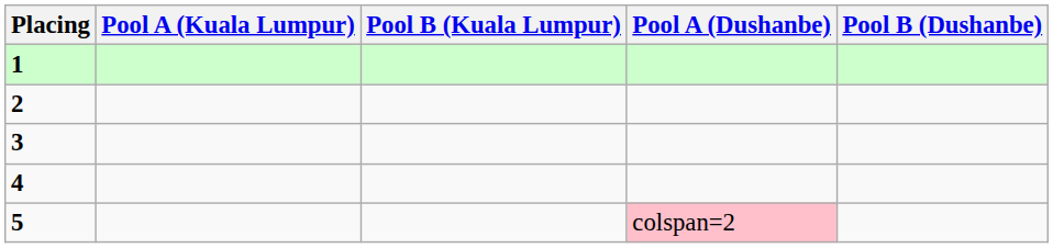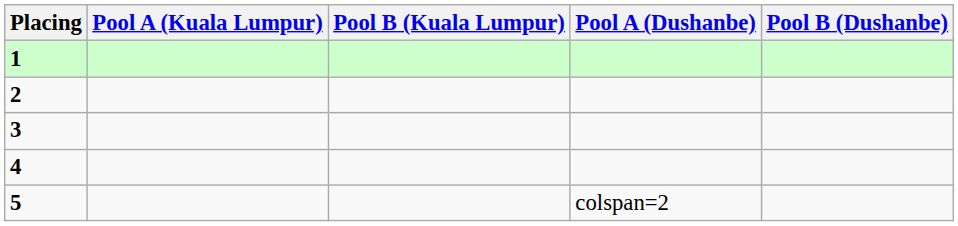 <table class=wikitable style="border:1px solid #AAAAAA;">
 <tr>
 <th>Placing</th>
 <th><a href='#'>Pool A (Kuala Lumpur)</a></th>
 <th><a href='#'>Pool B (Kuala Lumpur)</a></th>
 <th><a href='#'>Pool A (Dushanbe)</a></th>
 <th><a href='#'>Pool B (Dushanbe)</a></th>
 </tr>
 <tr style="background: #ccffcc;">
 <td><strong>1</strong></td>
 <td></td>
 <td></td>
 <td></td>
 <td></td>
 </tr>
 <tr>
 <td><strong>2</strong></td>
 <td></td>
 <td></td>
 <td></td>
 <td></td>
 </tr>
 <tr>
 <td><strong>3</strong></td>
 <td></td>
 <td></td>
 <td></td>
 <td></td>
 </tr>
 <tr>
 <td><strong>4</strong></td>
 <td></td>
 <td></td>
 <td></td>
 <td></td>
 </tr>
 <tr>
 <td><strong>5</strong></td>
 <td></td>
 <td></td>
-<td style="background: pink;">colspan=2 </td>
+<td>colspan=2 </td>
 </tr>
 </table>
